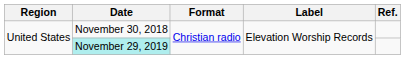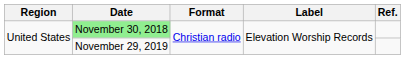 <table class="wikitable plainrowheaders">
 <tr>
 <th scope="col">Region</th>
 <th scope="col">Date</th>
 <th scope="col">Format</th>
 <th scope="col">Label</th>
 <th scope="col">Ref.</th>
 </tr>
 <tr>
 <td rowspan="2">United States</td>
-<td>November 30, 2018</td>
+<td style="background: lightgreen;">November 30, 2018</td>
 <td rowspan="2"><a href='#'>Christian radio</a></td>
 <td rowspan="2">Elevation Worship Records</td>
 <td></td>
 </tr>
 <tr>
-<td style="background: paleturquoise;">November 29, 2019<br></td>
+<td>November 29, 2019<br></td>
 <td></td>
 </tr>
 </table>
